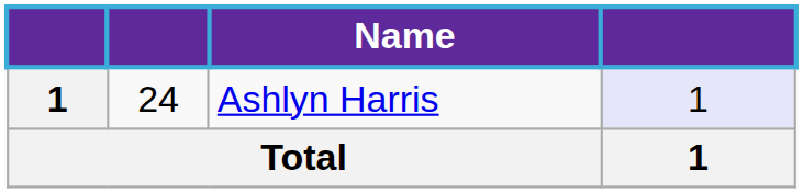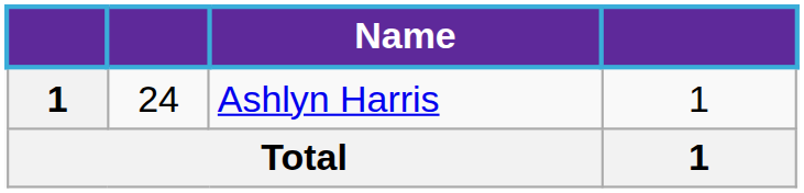 <table class="wikitable" style="text-align:center;">
 <tr>
 <th style="background:#5E299A; color:white; border:2px solid #3aadd9; width:35px;"></th>
 <th style="background:#5E299A; color:white; border:2px solid #3aadd9; width:35px;"></th>
 <th style="background:#5E299A; color:white; border:2px solid #3aadd9; width:160px;">Name</th>
 <th style="background:#5E299A; color:white; border:2px solid #3aadd9; width:75px;"></th>
 </tr>
 <tr>
 <th>1</th>
 <td>24</td>
 <td align="left"> <a href='#'>Ashlyn Harris</a></td>
-<td style="background: lavender;">1</td>
+<td>1</td>
 </tr>
 <tr>
 <th colspan="3">Total</th>
 <th>1</th>
 </tr>
 </table>
